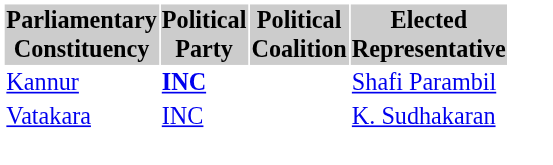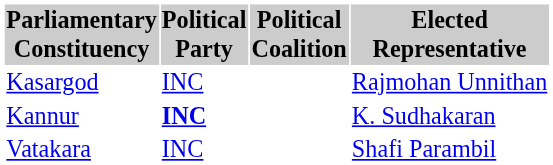 <table align="left" class="toccolours" cellspacing="1" cellpadding="1" style="margin-right: .5em; margin-top: .4em; font-size: 90%">
 <tr>
 </tr>
 <tr bgcolor="#cccccc" valign="top">
 <th>Parliamentary <br>Constituency</th>
 <th>Political <br>Party</th>
 <th>Political <br>Coalition</th>
 <th>Elected <br> Representative</th>
 </tr>
 <tr>
+<td><a href='#'>Kasargod</a></td>
+<td style="background-color:"><a href='#'><span>INC</span></a></td>
+<td></td>
+<td><a href='#'>Rajmohan Unnithan</a></td>
+</tr>
+<tr>
 <td><a href='#'>Kannur</a></td>
 <td style="background-color:"><strong><a href='#'><span>INC</span></a></strong></td>
 <td></td>
-<td><a href='#'>Shafi Parambil</a></td>
+<td><a href='#'>K. Sudhakaran</a></td>
 </tr>
 <tr>
 <td><a href='#'>Vatakara</a></td>
 <td style="background-color:"><a href='#'><span>INC</span></a></td>
 <td></td>
-<td><a href='#'>K. Sudhakaran</a></td>
+<td><a href='#'>Shafi Parambil</a></td>
 </tr>
 </table>
